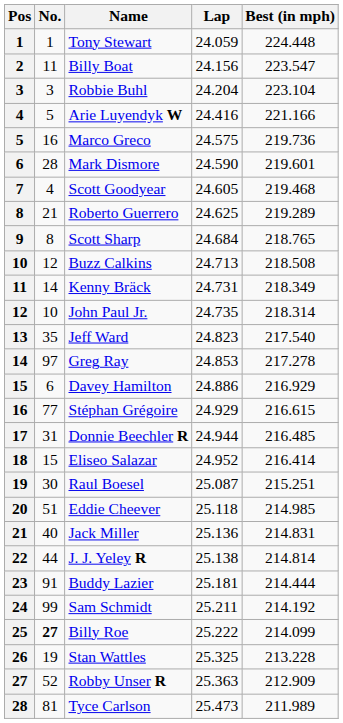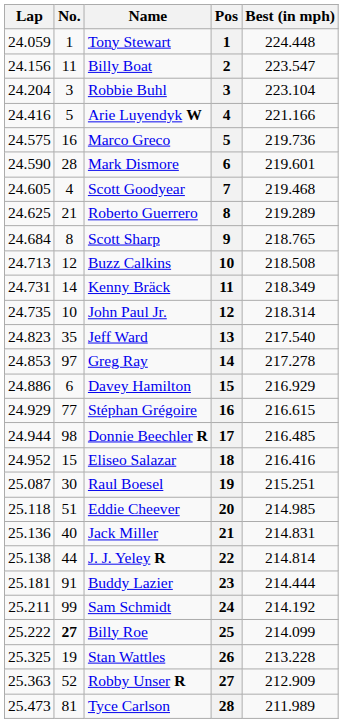 <table class="wikitable sortable" " style="fontsize:95%">
 <tr>
-<th>Pos</th>
+<th>Lap</th>
 <th>No.</th>
 <th>Name</th>
-<th>Lap</th>
+<th>Pos</th>
 <th>Best (in mph)</th>
 </tr>
 <tr>
-<th scope="row">1</th>
+<td align="center">24.059</td>
 <td align=center>1</td>
 <td> <a href='#'>Tony Stewart</a></td>
-<td align="center">24.059</td>
+<th scope="row">1</th>
 <td align="center">224.448</td>
 </tr>
 <tr>
-<th scope="row">2</th>
+<td align="center">24.156</td>
 <td align=center>11</td>
 <td> <a href='#'>Billy Boat</a></td>
-<td align="center">24.156</td>
+<th scope="row">2</th>
 <td align="center">223.547</td>
 </tr>
 <tr>
-<th scope="row">3</th>
+<td align="center">24.204</td>
 <td align=center>3</td>
 <td> <a href='#'>Robbie Buhl</a></td>
-<td align="center">24.204</td>
+<th scope="row">3</th>
 <td align="center">223.104</td>
 </tr>
 <tr>
-<th scope="row">4</th>
+<td align="center">24.416</td>
 <td align=center>5</td>
 <td> <a href='#'>Arie Luyendyk</a> <strong><span>W</span></strong></td>
-<td align="center">24.416</td>
+<th scope="row">4</th>
 <td align="center">221.166</td>
 </tr>
 <tr>
-<th scope="row">5</th>
+<td align="center">24.575</td>
 <td align=center>16</td>
 <td> <a href='#'>Marco Greco</a></td>
-<td align="center">24.575</td>
+<th scope="row">5</th>
 <td align="center">219.736</td>
 </tr>
 <tr>
-<th scope="row">6</th>
+<td align="center">24.590</td>
 <td align=center>28</td>
 <td> <a href='#'>Mark Dismore</a></td>
-<td align="center">24.590</td>
+<th scope="row">6</th>
 <td align="center">219.601</td>
 </tr>
 <tr>
-<th scope="row">7</th>
+<td align="center">24.605</td>
 <td align=center>4</td>
 <td> <a href='#'>Scott Goodyear</a></td>
-<td align="center">24.605</td>
+<th scope="row">7</th>
 <td align="center">219.468</td>
 </tr>
 <tr>
-<th scope="row">8</th>
+<td align="center">24.625</td>
 <td align=center>21</td>
 <td> <a href='#'>Roberto Guerrero</a></td>
-<td align="center">24.625</td>
+<th scope="row">8</th>
 <td align="center">219.289</td>
 </tr>
 <tr>
-<th scope="row">9</th>
+<td align="center">24.684</td>
 <td align=center>8</td>
 <td> <a href='#'>Scott Sharp</a></td>
-<td align="center">24.684</td>
+<th scope="row">9</th>
 <td align="center">218.765</td>
 </tr>
 <tr>
-<th scope="row">10</th>
+<td align="center">24.713</td>
 <td align=center>12</td>
 <td> <a href='#'>Buzz Calkins</a></td>
-<td align="center">24.713</td>
+<th scope="row">10</th>
 <td align="center">218.508</td>
 </tr>
 <tr>
-<th scope="row">11</th>
+<td align="center">24.731</td>
 <td align=center>14</td>
 <td> <a href='#'>Kenny Bräck</a></td>
-<td align="center">24.731</td>
+<th scope="row">11</th>
 <td align="center">218.349</td>
 </tr>
 <tr>
-<th scope="row">12</th>
+<td align="center">24.735</td>
 <td align=center>10</td>
 <td> <a href='#'>John Paul Jr.</a></td>
-<td align="center">24.735</td>
+<th scope="row">12</th>
 <td align="center">218.314</td>
 </tr>
 <tr>
-<th scope="row">13</th>
+<td align="center">24.823</td>
 <td align=center>35</td>
 <td> <a href='#'>Jeff Ward</a></td>
-<td align="center">24.823</td>
+<th scope="row">13</th>
 <td align="center">217.540</td>
 </tr>
 <tr>
-<th scope="row">14</th>
+<td align="center">24.853</td>
 <td align=center>97</td>
 <td> <a href='#'>Greg Ray</a></td>
-<td align="center">24.853</td>
+<th scope="row">14</th>
 <td align="center">217.278</td>
 </tr>
 <tr>
-<th scope="row">15</th>
+<td align="center">24.886</td>
 <td align=center>6</td>
 <td> <a href='#'>Davey Hamilton</a></td>
-<td align="center">24.886</td>
+<th scope="row">15</th>
 <td align="center">216.929</td>
 </tr>
 <tr>
-<th scope="row">16</th>
+<td align="center">24.929</td>
 <td align=center>77</td>
 <td> <a href='#'>Stéphan Grégoire</a></td>
-<td align="center">24.929</td>
+<th scope="row">16</th>
 <td align="center">216.615</td>
 </tr>
 <tr>
+<td align="center">24.944</td>
+<td align=center>98</td>
+<td> <a href='#'>Donnie Beechler</a> <strong><span>R</span></strong></td>
 <th scope="row">17</th>
-<td align=center>31</td>
-<td> <a href='#'>Donnie Beechler</a> <strong><span>R</span></strong></td>
-<td align="center">24.944</td>
 <td align="center">216.485</td>
 </tr>
 <tr>
-<th scope="row">18</th>
+<td align="center">24.952</td>
 <td align=center>15</td>
 <td> <a href='#'>Eliseo Salazar</a></td>
-<td align="center">24.952</td>
-<td align="center">216.414</td>
+<th scope="row">18</th>
+<td align="center">216.416</td>
 </tr>
 <tr>
-<th scope="row">19</th>
+<td align="center">25.087</td>
 <td align=center>30</td>
 <td> <a href='#'>Raul Boesel</a></td>
-<td align="center">25.087</td>
+<th scope="row">19</th>
 <td align="center">215.251</td>
 </tr>
 <tr>
-<th scope="row">20</th>
+<td align="center">25.118</td>
 <td align=center>51</td>
 <td> <a href='#'>Eddie Cheever</a></td>
-<td align="center">25.118</td>
+<th scope="row">20</th>
 <td align="center">214.985</td>
 </tr>
 <tr>
-<th scope="row">21</th>
+<td align="center">25.136</td>
 <td align=center>40</td>
 <td> <a href='#'>Jack Miller</a></td>
-<td align="center">25.136</td>
+<th scope="row">21</th>
 <td align="center">214.831</td>
 </tr>
 <tr>
-<th scope="row">22</th>
+<td align="center">25.138</td>
 <td align=center>44</td>
 <td> <a href='#'>J. J. Yeley</a> <strong><span>R</span></strong></td>
-<td align="center">25.138</td>
+<th scope="row">22</th>
 <td align="center">214.814</td>
 </tr>
 <tr>
-<th scope="row">23</th>
+<td align="center">25.181</td>
 <td align=center>91</td>
 <td> <a href='#'>Buddy Lazier</a></td>
-<td align="center">25.181</td>
+<th scope="row">23</th>
 <td align="center">214.444</td>
 </tr>
 <tr>
-<th scope="row">24</th>
+<td align="center">25.211</td>
 <td align=center>99</td>
 <td> <a href='#'>Sam Schmidt</a></td>
-<td align="center">25.211</td>
+<th scope="row">24</th>
 <td align="center">214.192</td>
 </tr>
 <tr>
-<th scope="row">25</th>
+<td align="center">25.222</td>
 <td align=center><strong>27</strong></td>
 <td> <a href='#'>Billy Roe</a></td>
-<td align="center">25.222</td>
+<th scope="row">25</th>
 <td align="center">214.099</td>
 </tr>
 <tr>
-<th scope="row">26</th>
+<td align="center">25.325</td>
 <td align=center>19</td>
 <td> <a href='#'>Stan Wattles</a></td>
-<td align="center">25.325</td>
+<th scope="row">26</th>
 <td align="center">213.228</td>
 </tr>
 <tr>
-<th scope="row">27</th>
+<td align="center">25.363</td>
 <td align=center>52</td>
 <td> <a href='#'>Robby Unser</a> <strong><span>R</span></strong></td>
-<td align="center">25.363</td>
+<th scope="row">27</th>
 <td align="center">212.909</td>
 </tr>
 <tr>
-<th scope="row">28</th>
+<td align="center">25.473</td>
 <td align=center>81</td>
 <td> <a href='#'>Tyce Carlson</a></td>
-<td align="center">25.473</td>
+<th scope="row">28</th>
 <td align="center">211.989</td>
 </tr>
 </table>
